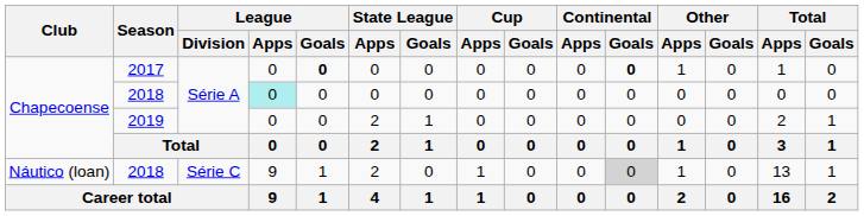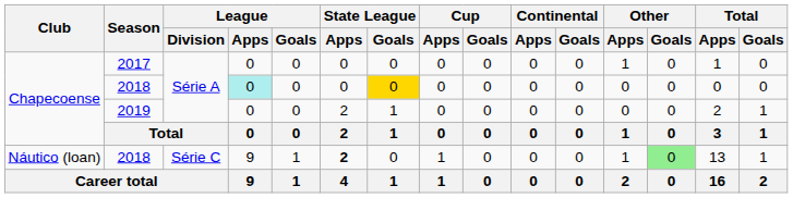 <table class="wikitable" style="text-align: center">
 <tr>
 <th rowspan="2">Club</th>
 <th rowspan="2">Season</th>
 <th colspan="3">League</th>
 <th colspan="2">State League</th>
 <th colspan="2">Cup</th>
 <th colspan="2">Continental</th>
 <th colspan="2">Other</th>
 <th colspan="2">Total</th>
 </tr>
 <tr>
 <th>Division</th>
 <th>Apps</th>
 <th>Goals</th>
 <th>Apps</th>
 <th>Goals</th>
 <th>Apps</th>
 <th>Goals</th>
 <th>Apps</th>
 <th>Goals</th>
 <th>Apps</th>
 <th>Goals</th>
 <th>Apps</th>
 <th>Goals</th>
 </tr>
 <tr>
 <td rowspan="4"><a href='#'>Chapecoense</a></td>
 <td><a href='#'>2017</a></td>
 <td rowspan="3"><a href='#'>Série A</a></td>
 <td>0</td>
-<td><strong>0</strong></td>
 <td>0</td>
 <td>0</td>
 <td>0</td>
 <td>0</td>
 <td>0</td>
-<td><strong>0</strong></td>
+<td>0</td>
+<td>0</td>
 <td>1</td>
 <td>0</td>
 <td>1</td>
 <td>0</td>
 </tr>
 <tr>
 <td><a href='#'>2018</a></td>
 <td style="background: paleturquoise;">0</td>
 <td>0</td>
 <td>0</td>
-<td>0</td>
+<td style="background: gold;">0</td>
 <td>0</td>
 <td>0</td>
 <td>0</td>
 <td>0</td>
 <td>0</td>
 <td>0</td>
 <td>0</td>
 <td>0</td>
 </tr>
 <tr>
 <td><a href='#'>2019</a></td>
 <td>0</td>
 <td>0</td>
 <td>2</td>
 <td>1</td>
 <td>0</td>
 <td>0</td>
 <td>0</td>
 <td>0</td>
 <td>0</td>
 <td>0</td>
 <td>2</td>
 <td>1</td>
 </tr>
 <tr>
 <th colspan="2"><strong>Total</strong></th>
 <th>0</th>
 <th>0</th>
 <th>2</th>
 <th>1</th>
 <th>0</th>
 <th>0</th>
 <th>0</th>
 <th>0</th>
 <th>1</th>
 <th>0</th>
 <th>3</th>
 <th>1</th>
 </tr>
 <tr>
 <td><a href='#'>Náutico</a> (loan)</td>
 <td><a href='#'>2018</a></td>
 <td><a href='#'>Série C</a></td>
 <td>9</td>
 <td>1</td>
-<td>2</td>
+<td><strong>2</strong></td>
 <td>0</td>
 <td>1</td>
 <td>0</td>
 <td>0</td>
-<td style="background: lightgrey;">0</td>
+<td>0</td>
 <td>1</td>
-<td>0</td>
+<td style="background: lightgreen;">0</td>
 <td>13</td>
 <td>1</td>
 </tr>
 <tr>
 <th colspan="3"><strong>Career total</strong></th>
 <th>9</th>
 <th>1</th>
 <th>4</th>
 <th>1</th>
 <th>1</th>
 <th>0</th>
 <th>0</th>
 <th>0</th>
 <th>2</th>
 <th>0</th>
 <th>16</th>
 <th>2</th>
 </tr>
 </table>
